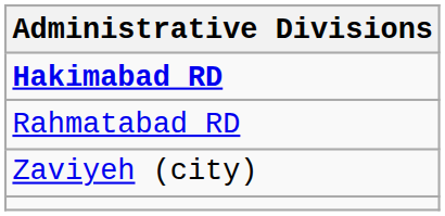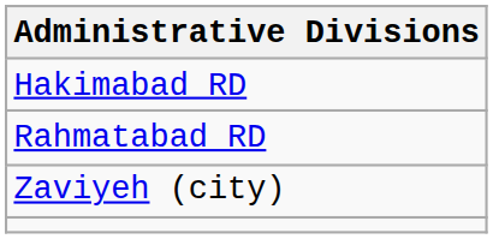 <table class="wikitable">
 <tr>
 <th>Administrative Divisions</th>
 </tr>
 <tr>
-<td><strong><a href='#'>Hakimabad RD</a></strong></td>
+<td><a href='#'>Hakimabad RD</a></td>
 </tr>
 <tr>
 <td><a href='#'>Rahmatabad RD</a></td>
 </tr>
 <tr>
 <td><a href='#'>Zaviyeh</a> (city)</td>
 </tr>
 <tr>
 <td colspan=1></td>
 </tr>
 </table>
